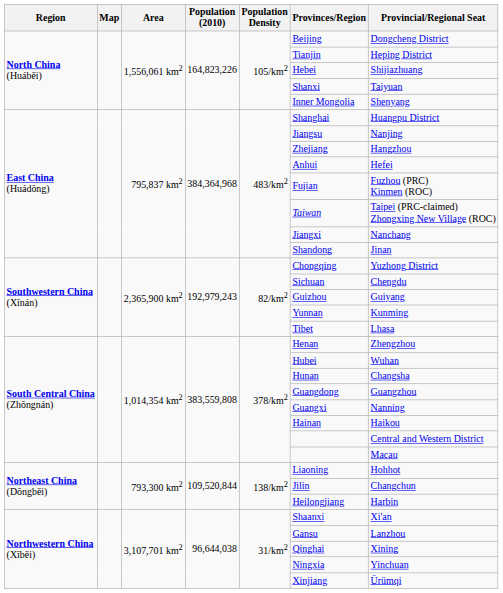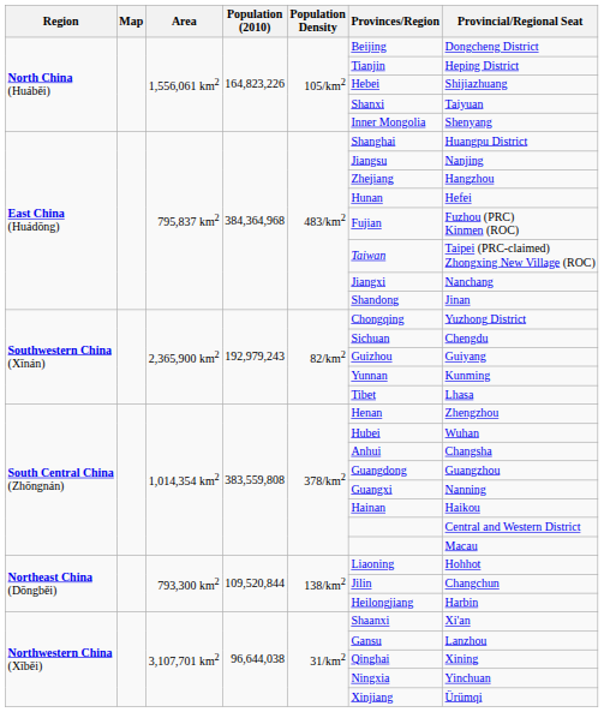 <table class="wikitable">
 <tr>
 <th>Region</th>
 <th>Map</th>
 <th>Area</th>
 <th>Population<br>(2010)</th>
 <th>Population<br>Density</th>
 <th>Provinces/Region</th>
 <th>Provincial/Regional Seat</th>
 </tr>
 <tr>
 <td rowspan="5"><strong><a href='#'>North China</a></strong><br> (Huáběi)</td>
 <td rowspan="5"></td>
 <td rowspan="5" align="right">1,556,061 km<sup>2</sup></td>
 <td rowspan="5" align="right">164,823,226</td>
 <td rowspan="5" align="right">105/km<sup>2</sup></td>
 <td><a href='#'>Beijing</a></td>
 <td><a href='#'>Dongcheng District</a></td>
 </tr>
 <tr>
 <td><a href='#'>Tianjin</a></td>
 <td><a href='#'>Heping District</a></td>
 </tr>
 <tr>
 <td><a href='#'>Hebei</a></td>
 <td><a href='#'>Shijiazhuang</a></td>
 </tr>
 <tr>
 <td><a href='#'>Shanxi</a></td>
 <td><a href='#'>Taiyuan</a></td>
 </tr>
 <tr>
 <td><a href='#'>Inner Mongolia</a></td>
 <td><a href='#'>Shenyang</a></td>
 </tr>
 <tr>
 <td rowspan="8"><strong><a href='#'>East China</a></strong><br> (Huádōng)</td>
 <td rowspan="8"></td>
 <td rowspan="8" align="right">795,837 km<sup>2</sup></td>
 <td rowspan="8" align="right">384,364,968</td>
 <td rowspan="8" align="right">483/km<sup>2</sup></td>
 <td><a href='#'>Shanghai</a></td>
 <td><a href='#'>Huangpu District</a></td>
 </tr>
 <tr>
 <td><a href='#'>Jiangsu</a></td>
 <td><a href='#'>Nanjing</a></td>
 </tr>
 <tr>
 <td><a href='#'>Zhejiang</a></td>
 <td><a href='#'>Hangzhou</a></td>
 </tr>
 <tr>
-<td><a href='#'>Anhui</a></td>
+<td><a href='#'>Hunan</a></td>
 <td><a href='#'>Hefei</a></td>
 </tr>
 <tr>
 <td><a href='#'>Fujian</a></td>
 <td><a href='#'>Fuzhou</a> (PRC)<br><a href='#'>Kinmen</a> (ROC)</td>
 </tr>
 <tr>
 <td><a href='#'><em>Taiwan</em></a></td>
 <td><a href='#'>Taipei</a> (PRC-claimed)<br><a href='#'>Zhongxing New Village</a> (ROC)</td>
 </tr>
 <tr>
 <td><a href='#'>Jiangxi</a></td>
 <td><a href='#'>Nanchang</a></td>
 </tr>
 <tr>
 <td><a href='#'>Shandong</a></td>
 <td><a href='#'>Jinan</a></td>
 </tr>
 <tr>
 <td rowspan="5"><strong><a href='#'>Southwestern China</a></strong><br> (Xīnán)</td>
 <td rowspan="5"></td>
 <td rowspan="5" align="right">2,365,900 km<sup>2</sup></td>
 <td rowspan="5" align="right">192,979,243</td>
 <td rowspan="5" align="right">82/km<sup>2</sup></td>
 <td><a href='#'>Chongqing</a></td>
 <td><a href='#'>Yuzhong District</a></td>
 </tr>
 <tr>
 <td><a href='#'>Sichuan</a></td>
 <td><a href='#'>Chengdu</a></td>
 </tr>
 <tr>
 <td><a href='#'>Guizhou</a></td>
 <td><a href='#'>Guiyang</a></td>
 </tr>
 <tr>
 <td><a href='#'>Yunnan</a></td>
 <td><a href='#'>Kunming</a></td>
 </tr>
 <tr>
 <td><a href='#'>Tibet</a></td>
 <td><a href='#'>Lhasa</a></td>
 </tr>
 <tr>
 <td rowspan="8"><strong><a href='#'>South Central China</a></strong><br> (Zhōngnán)</td>
 <td rowspan="8"></td>
 <td rowspan="8" align="right">1,014,354 km<sup>2</sup></td>
 <td rowspan="8" align="right">383,559,808</td>
 <td rowspan="8" align="right">378/km<sup>2</sup></td>
 <td><a href='#'>Henan</a></td>
 <td><a href='#'>Zhengzhou</a></td>
 </tr>
 <tr>
 <td><a href='#'>Hubei</a></td>
 <td><a href='#'>Wuhan</a></td>
 </tr>
 <tr>
-<td><a href='#'>Hunan</a></td>
+<td><a href='#'>Anhui</a></td>
 <td><a href='#'>Changsha</a></td>
 </tr>
 <tr>
 <td><a href='#'>Guangdong</a></td>
 <td><a href='#'>Guangzhou</a></td>
 </tr>
 <tr>
 <td><a href='#'>Guangxi</a></td>
 <td><a href='#'>Nanning</a></td>
 </tr>
 <tr>
 <td><a href='#'>Hainan</a></td>
 <td><a href='#'>Haikou</a></td>
 </tr>
 <tr>
 <td></td>
 <td><a href='#'>Central and Western District</a></td>
 </tr>
 <tr>
 <td></td>
 <td><a href='#'>Macau</a></td>
 </tr>
 <tr>
 <td rowspan="3"><strong><a href='#'>Northeast China</a></strong><br> (Dōngběi)</td>
 <td rowspan="3"></td>
 <td rowspan="3" align="right">793,300 km<sup>2</sup></td>
 <td rowspan="3" align="right">109,520,844</td>
 <td rowspan="3" align="right">138/km<sup>2</sup></td>
 <td><a href='#'>Liaoning</a></td>
 <td><a href='#'>Hohhot</a></td>
 </tr>
 <tr>
 <td><a href='#'>Jilin</a></td>
 <td><a href='#'>Changchun</a></td>
 </tr>
 <tr>
 <td><a href='#'>Heilongjiang</a></td>
 <td><a href='#'>Harbin</a></td>
 </tr>
 <tr>
 <td rowspan="5"><strong><a href='#'>Northwestern China</a></strong><br> (Xīběi)</td>
 <td rowspan="5"></td>
 <td rowspan="5" align="right">3,107,701 km<sup>2</sup></td>
 <td rowspan="5" align="right">96,644,038</td>
 <td rowspan="5" align="right">31/km<sup>2</sup></td>
 <td><a href='#'>Shaanxi</a></td>
 <td><a href='#'>Xi'an</a></td>
 </tr>
 <tr>
 <td><a href='#'>Gansu</a></td>
 <td><a href='#'>Lanzhou</a></td>
 </tr>
 <tr>
 <td><a href='#'>Qinghai</a></td>
 <td><a href='#'>Xining</a></td>
 </tr>
 <tr>
 <td><a href='#'>Ningxia</a></td>
 <td><a href='#'>Yinchuan</a></td>
 </tr>
 <tr>
 <td><a href='#'>Xinjiang</a></td>
 <td><a href='#'>Ürümqi</a></td>
 </tr>
 </table>
